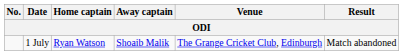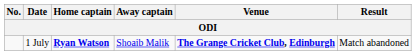 <table class="wikitable">
 <tr>
 <th>No.</th>
 <th>Date</th>
 <th>Home captain</th>
 <th>Away captain</th>
 <th>Venue</th>
 <th>Result</th>
 </tr>
 <tr>
 <th colspan="6">ODI</th>
 </tr>
 <tr>
 <td></td>
 <td>1 July</td>
-<td><a href='#'>Ryan Watson</a></td>
+<td><strong><a href='#'>Ryan Watson</a></strong></td>
 <td><a href='#'>Shoaib Malik</a></td>
-<td><a href='#'>The Grange Cricket Club</a>, <a href='#'>Edinburgh</a></td>
+<td><strong><a href='#'>The Grange Cricket Club</a>, <a href='#'>Edinburgh</a></strong></td>
 <td>Match abandoned</td>
 </tr>
 </table>
